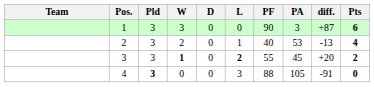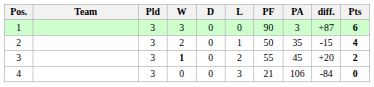 <table class="wikitable" style="text-align: center;">
 <tr>
+<th width=40>Pos.</th>
 <th width=165>Team</th>
-<th width=40>Pos.</th>
 <th width=40>Pld</th>
 <th width=40>W</th>
 <th width=40>D</th>
 <th width=40>L</th>
 <th width=40>PF</th>
 <th width=40>PA</th>
 <th width=40>diff.</th>
 <th width=40>Pts</th>
 </tr>
 <tr bgcolor=#ccffcc align=center>
+<td>1</td>
 <td align=left></td>
-<td>1</td>
 <td>3</td>
 <td>3</td>
 <td>0</td>
 <td>0</td>
 <td>90</td>
 <td>3</td>
 <td>+87</td>
 <td><strong>6</strong></td>
 </tr>
 <tr bgcolor=#ffffff align=center>
+<td>2</td>
 <td align=left></td>
-<td>2</td>
 <td>3</td>
 <td>2</td>
 <td>0</td>
 <td>1</td>
-<td>40</td>
-<td>53</td>
-<td>-13</td>
+<td>50</td>
+<td>35</td>
+<td>-15</td>
 <td><strong>4</strong></td>
 </tr>
 <tr bgcolor=#ffffff align=center>
+<td>3</td>
 <td align=left></td>
-<td>3</td>
 <td>3</td>
 <td><strong>1</strong></td>
 <td>0</td>
-<td><strong>2</strong></td>
+<td>2</td>
 <td>55</td>
 <td>45</td>
 <td>+20</td>
 <td><strong>2</strong></td>
 </tr>
 <tr bgcolor=#ffffff align=center>
+<td>4</td>
 <td align=left></td>
-<td>4</td>
-<td><strong>3</strong></td>
+<td>3</td>
 <td>0</td>
 <td>0</td>
 <td>3</td>
-<td>88</td>
-<td>105</td>
-<td>-91</td>
+<td>21</td>
+<td>106</td>
+<td>-84</td>
 <td><strong>0</strong></td>
 </tr>
 </table>
